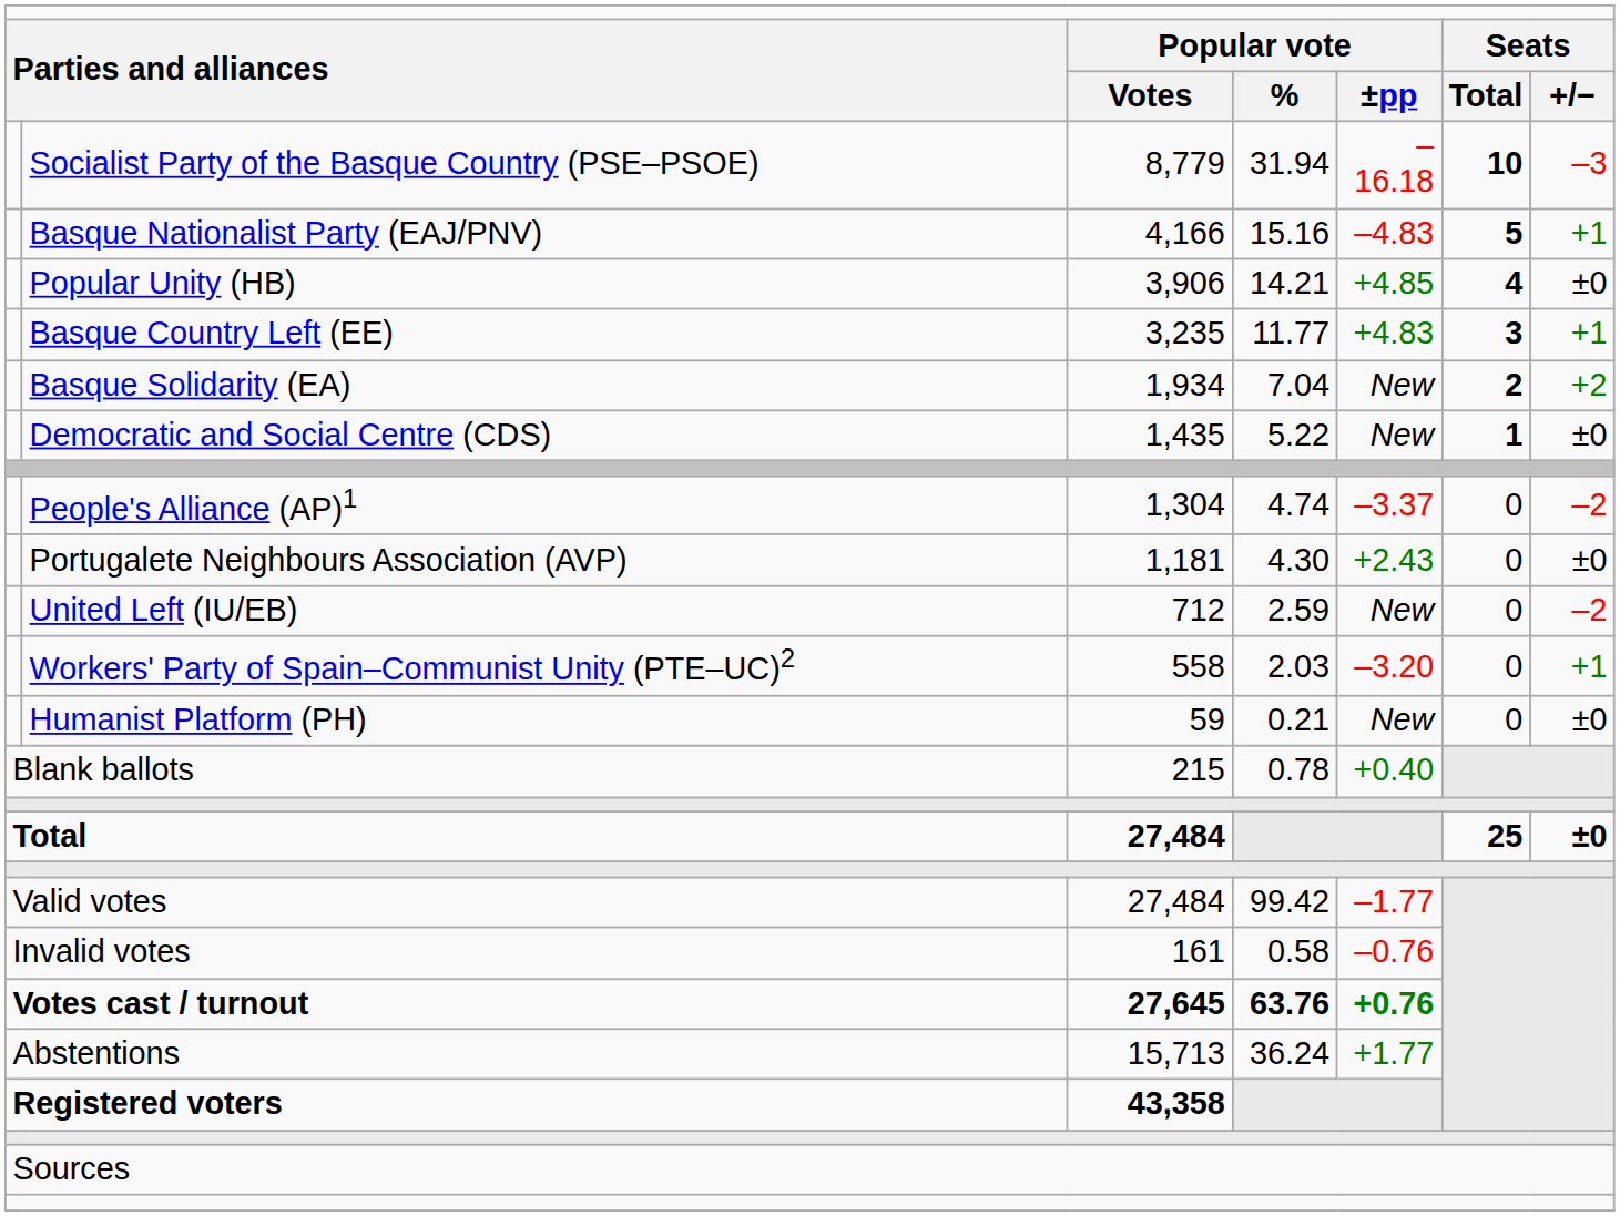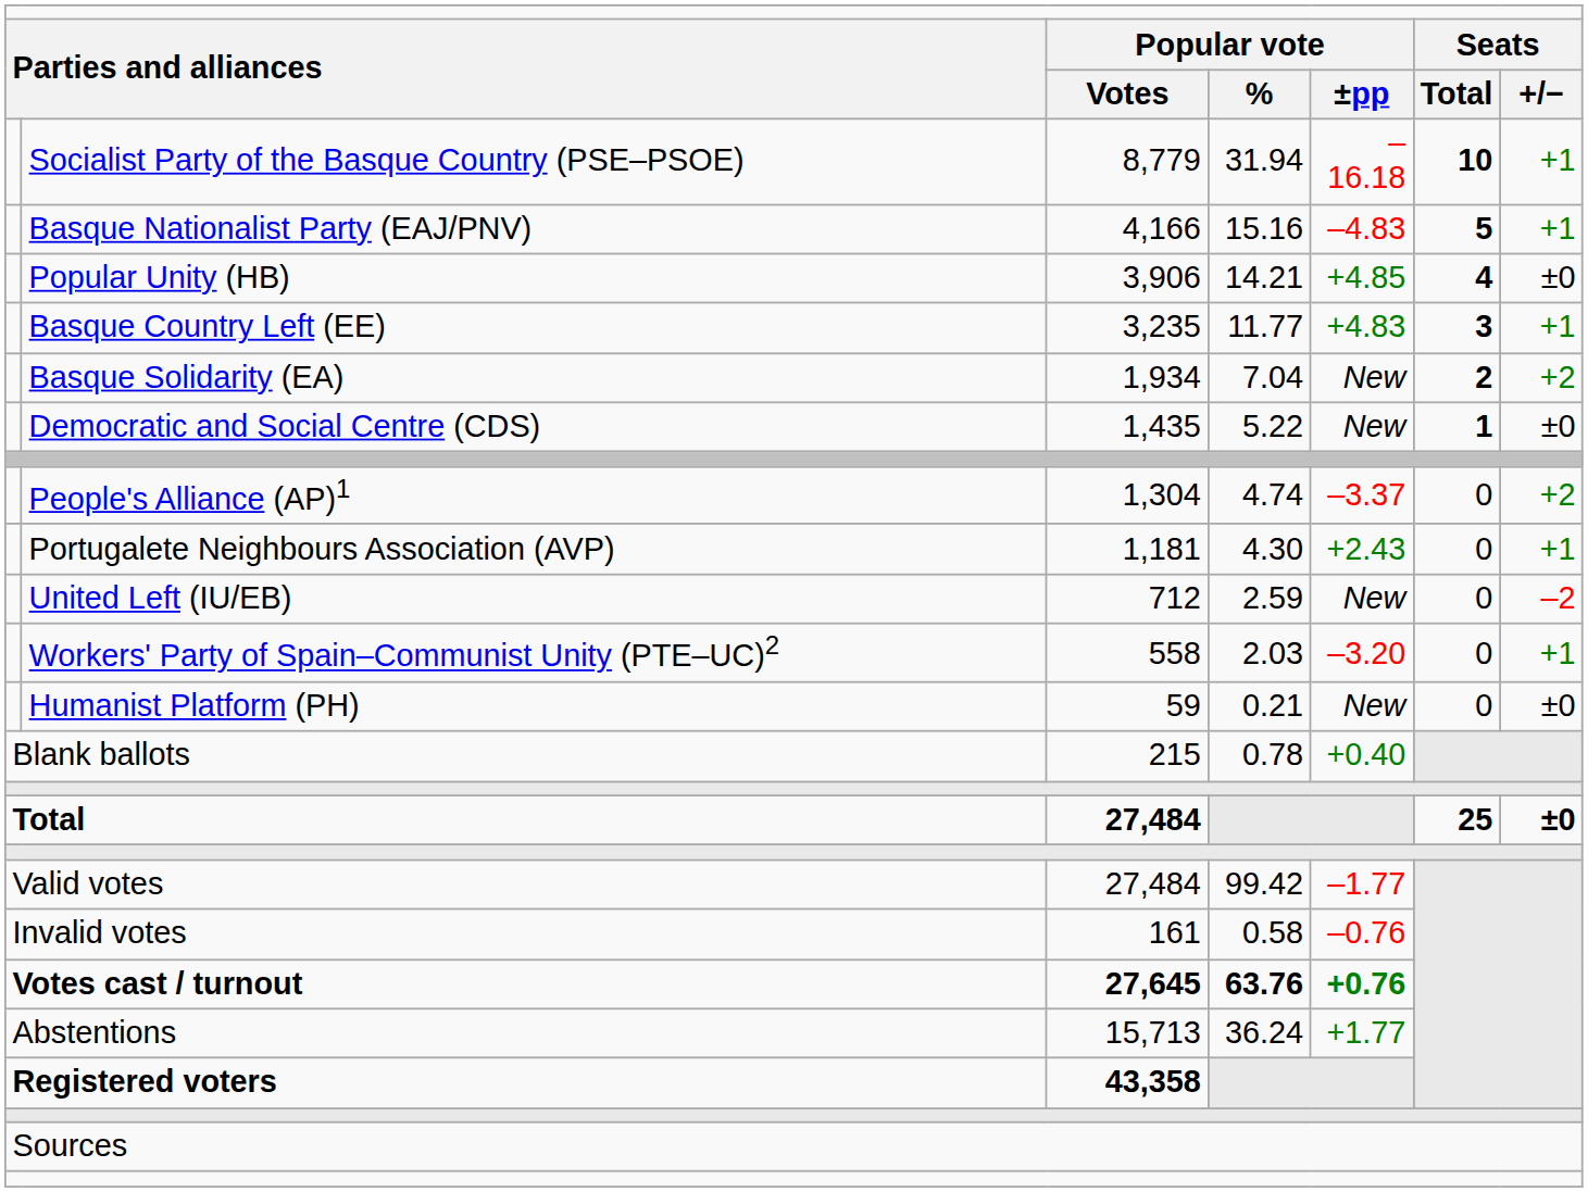 <table class="wikitable" style="text-align:right;">
 <tr>
 <td colspan="7"></td>
 </tr>
 <tr>
 <th style="text-align:left;" rowspan="2" colspan="2" width="525">Parties and alliances</th>
 <th colspan="3">Popular vote</th>
 <th colspan="2">Seats</th>
 </tr>
 <tr>
 <th width="75">Votes</th>
 <th width="45">%</th>
 <th width="45">±<a href='#'>pp</a></th>
 <th width="35">Total</th>
 <th width="35">+/−</th>
 </tr>
 <tr>
 <td width="1" style="color:inherit;background:"></td>
 <td align="left"><a href='#'>Socialist Party of the Basque Country</a> (PSE–PSOE)</td>
 <td>8,779</td>
 <td>31.94</td>
 <td style="color:red;">–16.18</td>
 <td><strong>10</strong></td>
-<td style="color:red;">–3</td>
+<td style="color:green;">+1</td>
 </tr>
 <tr>
 <td style="color:inherit;background:"></td>
 <td align="left"><a href='#'>Basque Nationalist Party</a> (EAJ/PNV)</td>
 <td>4,166</td>
 <td>15.16</td>
 <td style="color:red;">–4.83</td>
 <td><strong>5</strong></td>
 <td style="color:green;">+1</td>
 </tr>
 <tr>
 <td style="color:inherit;background:"></td>
 <td align="left"><a href='#'>Popular Unity</a> (HB)</td>
 <td>3,906</td>
 <td>14.21</td>
 <td style="color:green;">+4.85</td>
 <td><strong>4</strong></td>
 <td>±0</td>
 </tr>
 <tr>
 <td style="color:inherit;background:"></td>
 <td align="left"><a href='#'>Basque Country Left</a> (EE)</td>
 <td>3,235</td>
 <td>11.77</td>
 <td style="color:green;">+4.83</td>
 <td><strong>3</strong></td>
 <td style="color:green;">+1</td>
 </tr>
 <tr>
 <td style="color:inherit;background:"></td>
 <td align="left"><a href='#'>Basque Solidarity</a> (EA)</td>
 <td>1,934</td>
 <td>7.04</td>
 <td><em>New</em></td>
 <td><strong>2</strong></td>
 <td style="color:green;">+2</td>
 </tr>
 <tr>
 <td style="color:inherit;background:"></td>
 <td align="left"><a href='#'>Democratic and Social Centre</a> (CDS)</td>
 <td>1,435</td>
 <td>5.22</td>
 <td><em>New</em></td>
 <td><strong>1</strong></td>
 <td>±0</td>
 </tr>
 <tr>
 <td colspan="7" bgcolor="#C0C0C0"></td>
 </tr>
 <tr>
 <td style="color:inherit;background:"></td>
 <td align="left"><a href='#'>People's Alliance</a> (AP)<sup>1</sup></td>
 <td>1,304</td>
 <td>4.74</td>
 <td style="color:red;">–3.37</td>
 <td>0</td>
-<td style="color:red;">–2</td>
+<td style="color:green;">+2</td>
 </tr>
 <tr>
 <td style="color:inherit;background:"></td>
 <td align="left">Portugalete Neighbours Association (AVP)</td>
 <td>1,181</td>
 <td>4.30</td>
 <td style="color:green;">+2.43</td>
 <td>0</td>
-<td>±0</td>
+<td style="color:green;">+1</td>
 </tr>
 <tr>
 <td style="color:inherit;background:"></td>
 <td align="left"><a href='#'>United Left</a> (IU/EB)</td>
 <td>712</td>
 <td>2.59</td>
 <td><em>New</em></td>
 <td>0</td>
 <td style="color:red;">–2</td>
 </tr>
 <tr>
 <td style="color:inherit;background:"></td>
 <td align="left"><a href='#'>Workers' Party of Spain–Communist Unity</a> (PTE–UC)<sup>2</sup></td>
 <td>558</td>
 <td>2.03</td>
 <td style="color:red;">–3.20</td>
 <td>0</td>
 <td style="color:green;">+1</td>
 </tr>
 <tr>
 <td style="color:inherit;background:"></td>
 <td align="left"><a href='#'>Humanist Platform</a> (PH)</td>
 <td>59</td>
 <td>0.21</td>
 <td><em>New</em></td>
 <td>0</td>
 <td>±0</td>
 </tr>
 <tr>
 <td align="left" colspan="2">Blank ballots</td>
 <td>215</td>
 <td>0.78</td>
 <td style="color:green;">+0.40</td>
 <td bgcolor="#E9E9E9" colspan="2"></td>
 </tr>
 <tr>
 <td colspan="7" bgcolor="#E9E9E9"></td>
 </tr>
 <tr style="font-weight:bold;">
 <td align="left" colspan="2">Total</td>
 <td>27,484</td>
 <td bgcolor="#E9E9E9" colspan="2"></td>
 <td>25</td>
 <td>±0</td>
 </tr>
 <tr>
 <td colspan="7" bgcolor="#E9E9E9"></td>
 </tr>
 <tr>
 <td align="left" colspan="2">Valid votes</td>
 <td>27,484</td>
 <td>99.42</td>
 <td style="color:red;">–1.77</td>
 <td bgcolor="#E9E9E9" colspan="2" rowspan="5"></td>
 </tr>
 <tr>
 <td align="left" colspan="2">Invalid votes</td>
 <td>161</td>
 <td>0.58</td>
 <td style="color:red;">–0.76</td>
 </tr>
 <tr style="font-weight:bold;">
 <td align="left" colspan="2">Votes cast / turnout</td>
 <td>27,645</td>
 <td>63.76</td>
 <td style="color:green;">+0.76</td>
 </tr>
 <tr>
 <td align="left" colspan="2">Abstentions</td>
 <td>15,713</td>
 <td>36.24</td>
 <td style="color:green;">+1.77</td>
 </tr>
 <tr style="font-weight:bold;">
 <td align="left" colspan="2">Registered voters</td>
 <td>43,358</td>
 <td bgcolor="#E9E9E9" colspan="2"></td>
 </tr>
 <tr>
 <td colspan="7" bgcolor="#E9E9E9"></td>
 </tr>
 <tr>
 <td align="left" colspan="7">Sources</td>
 </tr>
 <tr>
 <td colspan="7" style="text-align:left; max-width:790px;"></td>
 </tr>
 </table>
